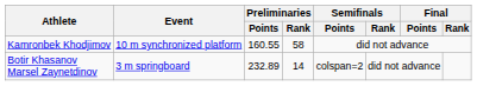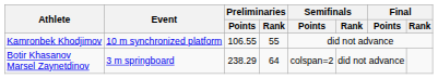 <table class="wikitable" style="text-align:center; font-size:90%">
 <tr>
 <th rowspan="2">Athlete</th>
 <th rowspan="2">Event</th>
 <th colspan="2">Preliminaries</th>
 <th colspan="2">Semifinals</th>
 <th colspan="2">Final</th>
 </tr>
 <tr style="font-size:95%">
 <th>Points</th>
 <th>Rank</th>
 <th>Points</th>
 <th>Rank</th>
 <th>Points</th>
 <th>Rank</th>
 </tr>
 <tr>
 <td align=left><a href='#'>Kamronbek Khodjimov</a></td>
 <td align=left><a href='#'>10 m synchronized platform</a></td>
-<td>160.55</td>
-<td>58</td>
+<td>106.55</td>
+<td>55</td>
 <td colspan=4>did not advance</td>
 </tr>
 <tr>
 <td align=left><a href='#'>Botir Khasanov</a><br><a href='#'>Marsel Zaynetdinov</a></td>
 <td align=left><a href='#'>3 m springboard</a></td>
-<td>232.89</td>
-<td>14</td>
+<td>238.29</td>
+<td>64</td>
 <td>colspan=2 </td>
 <td colspan=2>did not advance</td>
 </tr>
 </table>
